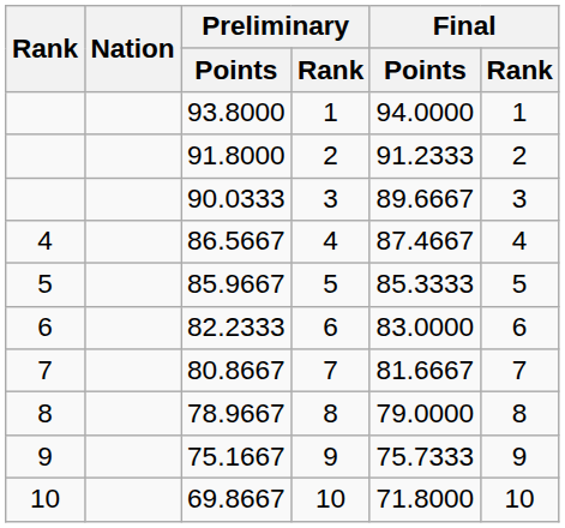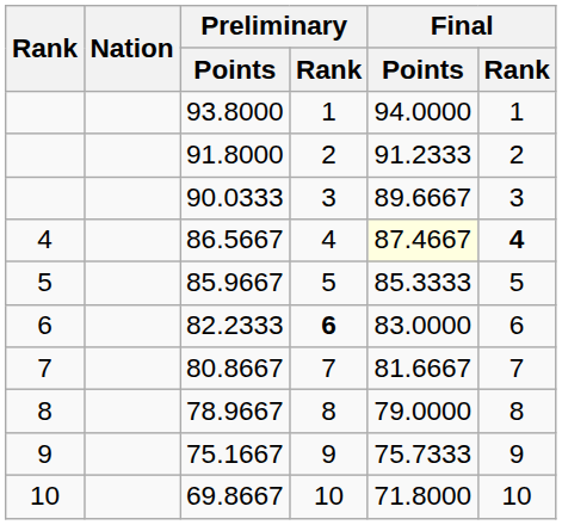 <table class="wikitable sortable" style="text-align:center">
 <tr>
 <th rowspan=2>Rank</th>
 <th rowspan=2>Nation</th>
 <th colspan=2>Preliminary</th>
 <th colspan=2>Final</th>
 </tr>
 <tr>
 <th>Points</th>
 <th>Rank</th>
 <th>Points</th>
 <th>Rank</th>
 </tr>
 <tr>
 <td></td>
 <td align=left></td>
 <td>93.8000</td>
 <td>1</td>
 <td>94.0000</td>
 <td>1</td>
 </tr>
 <tr>
 <td></td>
 <td align=left></td>
 <td>91.8000</td>
 <td>2</td>
 <td>91.2333</td>
 <td>2</td>
 </tr>
 <tr>
 <td></td>
 <td align=left></td>
 <td>90.0333</td>
 <td>3</td>
 <td>89.6667</td>
 <td>3</td>
 </tr>
 <tr>
 <td>4</td>
 <td align=left></td>
 <td>86.5667</td>
 <td>4</td>
-<td>87.4667</td>
-<td>4</td>
+<td style="background: lightyellow;">87.4667</td>
+<td><strong>4</strong></td>
 </tr>
 <tr>
 <td>5</td>
 <td align=left></td>
 <td>85.9667</td>
 <td>5</td>
 <td>85.3333</td>
 <td>5</td>
 </tr>
 <tr>
 <td>6</td>
 <td align=left></td>
 <td>82.2333</td>
-<td>6</td>
+<td><strong>6</strong></td>
 <td>83.0000</td>
 <td>6</td>
 </tr>
 <tr>
 <td>7</td>
 <td align=left></td>
 <td>80.8667</td>
 <td>7</td>
 <td>81.6667</td>
 <td>7</td>
 </tr>
 <tr>
 <td>8</td>
 <td align=left></td>
 <td>78.9667</td>
 <td>8</td>
 <td>79.0000</td>
 <td>8</td>
 </tr>
 <tr>
 <td>9</td>
 <td align=left></td>
 <td>75.1667</td>
 <td>9</td>
 <td>75.7333</td>
 <td>9</td>
 </tr>
 <tr>
 <td>10</td>
 <td align=left></td>
 <td>69.8667</td>
 <td>10</td>
 <td>71.8000</td>
 <td>10</td>
 </tr>
 </table>
